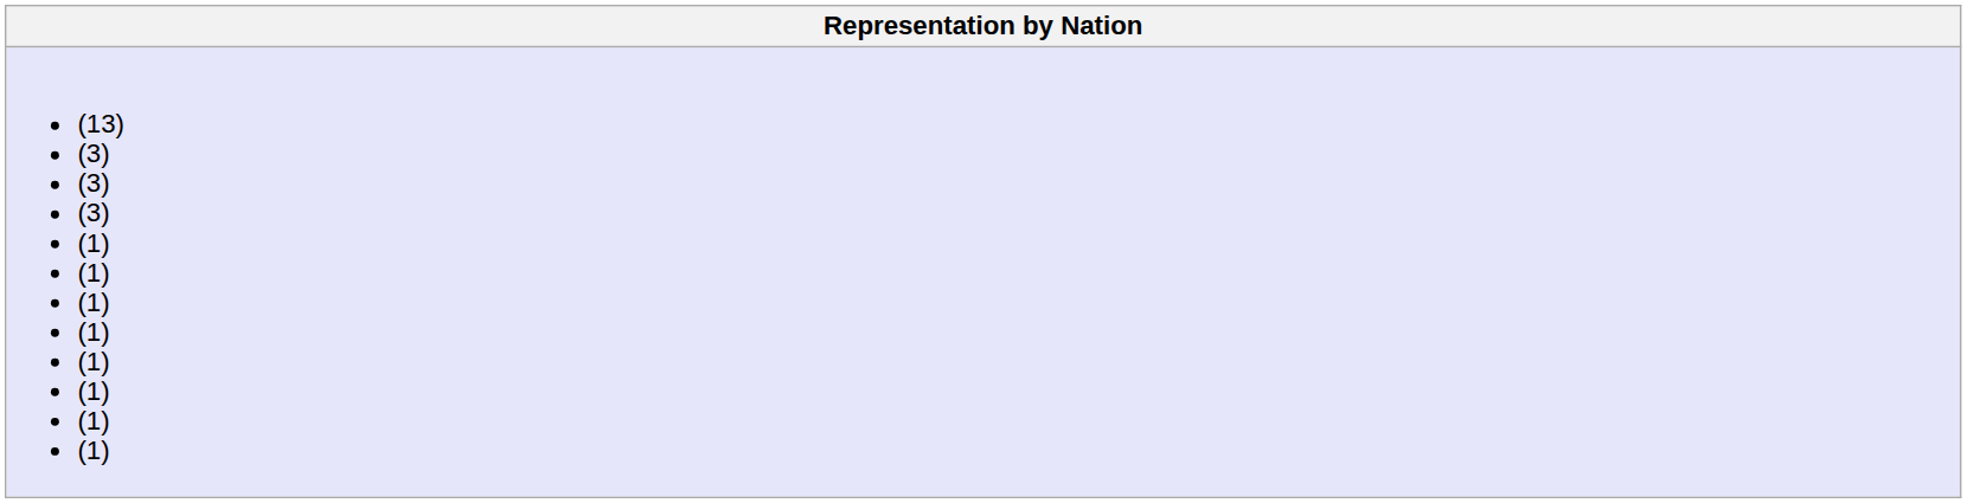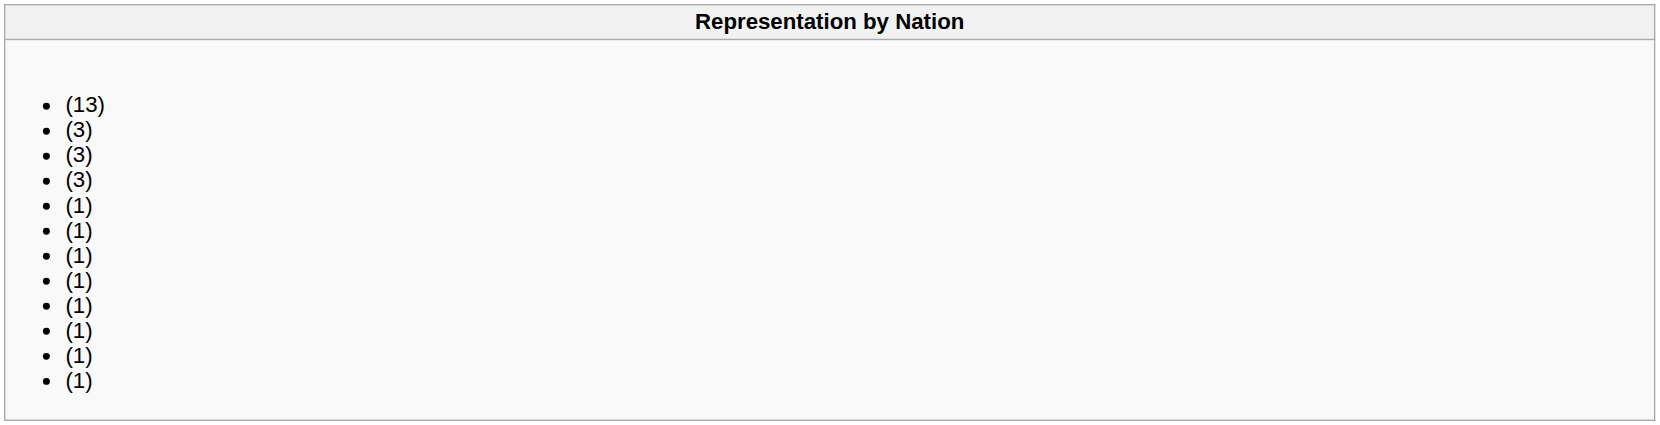 <table class="wikitable mw-collapsible" style="width:75%">
 <tr>
 <th>Representation by Nation</th>
 </tr>
 <tr>
-<td style="background: lavender;"><br><ul><li> (13)</li><li> (3)</li><li> (3)</li><li> (3)</li><li> (1)</li><li> (1)</li><li> (1)</li><li> (1)</li><li> (1)</li><li> (1)</li><li> (1)</li><li> (1)</li></ul></td>
+<td><br><ul><li> (13)</li><li> (3)</li><li> (3)</li><li> (3)</li><li> (1)</li><li> (1)</li><li> (1)</li><li> (1)</li><li> (1)</li><li> (1)</li><li> (1)</li><li> (1)</li></ul></td>
 </tr>
 </table>
